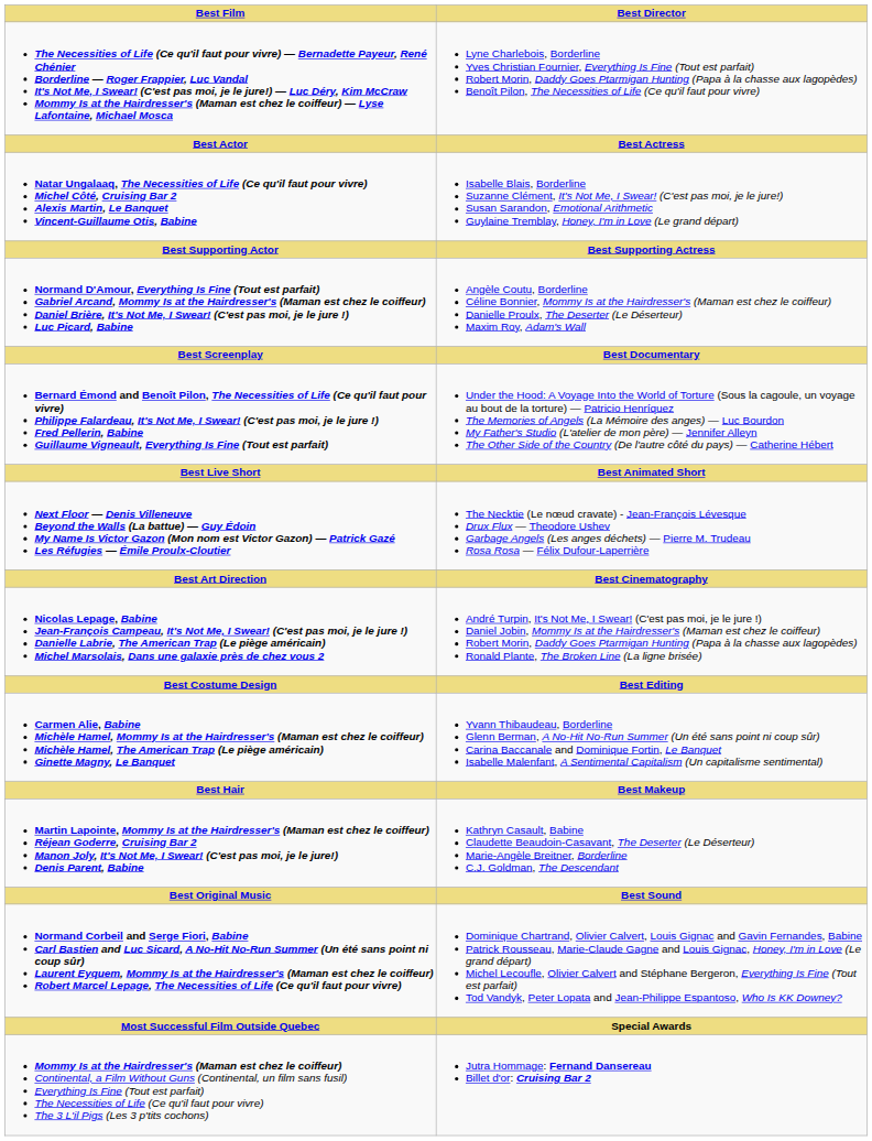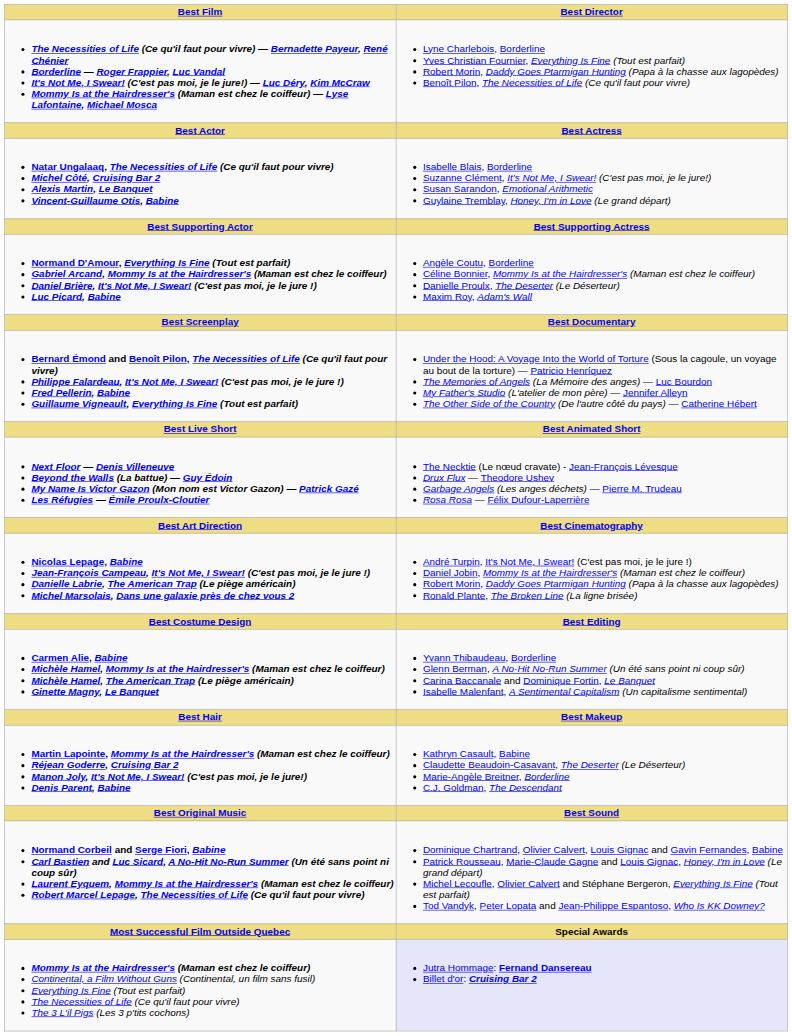 <table class=wikitable width="100%">
 <tr>
 <th style="background:#EEDD82; width:50%"><a href='#'>Best Film</a></th>
 <th style="background:#EEDD82; width:50%"><a href='#'>Best Director</a></th>
 </tr>
 <tr>
 <td valign="top"><br><ul><li> <strong><em><a href='#'>The Necessities of Life</a> (Ce qu'il faut pour vivre)<em> — <a href='#'>Bernadette Payeur</a>, <a href='#'>René Chénier</a><strong></li><li></em><a href='#'>Borderline</a><em> — <a href='#'>Roger Frappier</a>, <a href='#'>Luc Vandal</a></li><li></em><a href='#'>It's Not Me, I Swear!</a> (C'est pas moi, je le jure!)<em> — <a href='#'>Luc Déry</a>, <a href='#'>Kim McCraw</a></li><li></em><a href='#'>Mommy Is at the Hairdresser's</a> (Maman est chez le coiffeur)<em> — <a href='#'>Lyse Lafontaine</a>, <a href='#'>Michael Mosca</a></li></ul></td>
 <td valign="top"><br><ul><li> </strong><a href='#'>Lyne Charlebois</a>, </em><a href='#'>Borderline</a></em></strong></li><li><a href='#'>Yves Christian Fournier</a>, <em><a href='#'>Everything Is Fine</a> (Tout est parfait)</em></li><li><a href='#'>Robert Morin</a>, <em><a href='#'>Daddy Goes Ptarmigan Hunting</a> (Papa à la chasse aux lagopèdes)</em></li><li><a href='#'>Benoît Pilon</a>, <em><a href='#'>The Necessities of Life</a> (Ce qu'il faut pour vivre)</em></li></ul></td>
 </tr>
 <tr>
 <th style="background:#EEDD82; width:50%"><a href='#'>Best Actor</a></th>
 <th style="background:#EEDD82; width:50%"><a href='#'>Best Actress</a></th>
 </tr>
 <tr>
 <td valign="top"><br><ul><li> <strong><a href='#'>Natar Ungalaaq</a>, <em><a href='#'>The Necessities of Life</a> (Ce qu'il faut pour vivre)<strong><em></li><li><a href='#'>Michel Côté</a>, </em><a href='#'>Cruising Bar 2</a><em></li><li><a href='#'>Alexis Martin</a>, </em><a href='#'>Le Banquet</a><em></li><li><a href='#'>Vincent-Guillaume Otis</a>, </em><a href='#'>Babine</a><em></li></ul></td>
 <td valign="top"><br><ul><li> </strong><a href='#'>Isabelle Blais</a>, </em><a href='#'>Borderline</a></em></strong></li><li><a href='#'>Suzanne Clément</a>, <em><a href='#'>It's Not Me, I Swear!</a> (C'est pas moi, je le jure!)</em></li><li><a href='#'>Susan Sarandon</a>, <em><a href='#'>Emotional Arithmetic</a></em></li><li><a href='#'>Guylaine Tremblay</a>, <em><a href='#'>Honey, I'm in Love</a> (Le grand départ)</em></li></ul></td>
 </tr>
 <tr>
 <th style="background:#EEDD82; width:50%"><a href='#'>Best Supporting Actor</a></th>
 <th style="background:#EEDD82; width:50%"><a href='#'>Best Supporting Actress</a></th>
 </tr>
 <tr>
 <td valign="top"><br><ul><li> <strong><a href='#'>Normand D'Amour</a>, <em><a href='#'>Everything Is Fine</a> (Tout est parfait)<strong><em></li><li><a href='#'>Gabriel Arcand</a>, </em><a href='#'>Mommy Is at the Hairdresser's</a> (Maman est chez le coiffeur)<em></li><li><a href='#'>Daniel Brière</a>, </em><a href='#'>It's Not Me, I Swear!</a> (C'est pas moi, je le jure !)<em></li><li><a href='#'>Luc Picard</a>, </em><a href='#'>Babine</a><em></li></ul></td>
 <td valign="top"><br><ul><li> </strong><a href='#'>Angèle Coutu</a>, </em><a href='#'>Borderline</a></em></strong></li><li><a href='#'>Céline Bonnier</a>, <em><a href='#'>Mommy Is at the Hairdresser's</a> (Maman est chez le coiffeur)</em></li><li><a href='#'>Danielle Proulx</a>, <em><a href='#'>The Deserter</a> (Le Déserteur)</em></li><li><a href='#'>Maxim Roy</a>, <em><a href='#'>Adam's Wall</a></em></li></ul></td>
 </tr>
 <tr>
 <th style="background:#EEDD82; width:50%"><a href='#'>Best Screenplay</a></th>
 <th style="background:#EEDD82; width:50%"><a href='#'>Best Documentary</a></th>
 </tr>
 <tr>
 <td valign="top"><br><ul><li> <strong><a href='#'>Bernard Émond</a> and <a href='#'>Benoît Pilon</a>, <em><a href='#'>The Necessities of Life</a> (Ce qu'il faut pour vivre)<strong><em></li><li><a href='#'>Philippe Falardeau</a>, </em><a href='#'>It's Not Me, I Swear!</a> (C'est pas moi, je le jure !)<em></li><li><a href='#'>Fred Pellerin</a>, </em><a href='#'>Babine</a><em></li><li><a href='#'>Guillaume Vigneault</a>, </em><a href='#'>Everything Is Fine</a> (Tout est parfait)<em></li></ul></td>
 <td valign="top"><br><ul><li> </em></strong><a href='#'>Under the Hood: A Voyage Into the World of Torture</a> (Sous la cagoule, un voyage au bout de la torture)</em> — <a href='#'>Patricio Henríquez</a></strong></li><li><em><a href='#'>The Memories of Angels</a> (La Mémoire des anges)</em> — <a href='#'>Luc Bourdon</a></li><li><em><a href='#'>My Father's Studio</a> (L'atelier de mon père)</em> — <a href='#'>Jennifer Alleyn</a></li><li><em><a href='#'>The Other Side of the Country</a> (De l'autre côté du pays)</em> — <a href='#'>Catherine Hébert</a></li></ul></td>
 </tr>
 <tr>
 <th style="background:#EEDD82; width:50%"><a href='#'>Best Live Short</a></th>
 <th style="background:#EEDD82; width:50%"><a href='#'>Best Animated Short</a></th>
 </tr>
 <tr>
 <td valign="top"><br><ul><li> <strong><em><a href='#'>Next Floor</a><em> — <a href='#'>Denis Villeneuve</a><strong></li><li></em><a href='#'>Beyond the Walls</a> (La battue)<em> — <a href='#'>Guy Édoin</a></li><li></em><a href='#'>My Name Is Victor Gazon</a> (Mon nom est Victor Gazon)<em> — <a href='#'>Patrick Gazé</a></li><li></em><a href='#'>Les Réfugies</a><em> — <a href='#'>Émile Proulx-Cloutier</a></li></ul></td>
 <td valign="top"><br><ul><li> </em></strong><a href='#'>The Necktie</a> (Le nœud cravate)</em> - <a href='#'>Jean-François Lévesque</a></strong></li><li><em><a href='#'>Drux Flux</a></em> — <a href='#'>Theodore Ushev</a></li><li><em><a href='#'>Garbage Angels</a> (Les anges déchets)</em> — <a href='#'>Pierre M. Trudeau</a></li><li><em><a href='#'>Rosa Rosa</a></em> — <a href='#'>Félix Dufour-Laperrière</a></li></ul></td>
 </tr>
 <tr>
 <th style="background:#EEDD82; width:50%"><a href='#'>Best Art Direction</a></th>
 <th style="background:#EEDD82; width:50%"><a href='#'>Best Cinematography</a></th>
 </tr>
 <tr>
 <td valign="top"><br><ul><li> <strong><a href='#'>Nicolas Lepage</a>, <em><a href='#'>Babine</a><strong><em></li><li><a href='#'>Jean-François Campeau</a>, </em><a href='#'>It's Not Me, I Swear!</a> (C'est pas moi, je le jure !)<em></li><li><a href='#'>Danielle Labrie</a>, </em><a href='#'>The American Trap</a> (Le piège américain)<em></li><li><a href='#'>Michel Marsolais</a>, </em><a href='#'>Dans une galaxie près de chez vous 2</a><em></li></ul></td>
 <td valign="top"><br><ul><li> </strong><a href='#'>André Turpin</a>, </em><a href='#'>It's Not Me, I Swear!</a> (C'est pas moi, je le jure !)</em></strong></li><li><a href='#'>Daniel Jobin</a>, <em><a href='#'>Mommy Is at the Hairdresser's</a> (Maman est chez le coiffeur)</em></li><li><a href='#'>Robert Morin</a>, <em><a href='#'>Daddy Goes Ptarmigan Hunting</a> (Papa à la chasse aux lagopèdes)</em></li><li><a href='#'>Ronald Plante</a>, <em><a href='#'>The Broken Line</a> (La ligne brisée)</em></li></ul></td>
 </tr>
 <tr>
 <th style="background:#EEDD82; width:50%"><a href='#'>Best Costume Design</a></th>
 <th style="background:#EEDD82; width:50%"><a href='#'>Best Editing</a></th>
 </tr>
 <tr>
 <td valign="top"><br><ul><li> <strong><a href='#'>Carmen Alie</a>, <em><a href='#'>Babine</a><strong><em></li><li><a href='#'>Michèle Hamel</a>, </em><a href='#'>Mommy Is at the Hairdresser's</a> (Maman est chez le coiffeur)<em></li><li><a href='#'>Michèle Hamel</a>, </em><a href='#'>The American Trap</a> (Le piège américain)<em></li><li><a href='#'>Ginette Magny</a>, </em><a href='#'>Le Banquet</a><em></li></ul></td>
 <td valign="top"><br><ul><li> </strong><a href='#'>Yvann Thibaudeau</a>, </em><a href='#'>Borderline</a></em></strong></li><li><a href='#'>Glenn Berman</a>, <em><a href='#'>A No-Hit No-Run Summer</a> (Un été sans point ni coup sûr)</em></li><li><a href='#'>Carina Baccanale</a> and <a href='#'>Dominique Fortin</a>, <em><a href='#'>Le Banquet</a></em></li><li><a href='#'>Isabelle Malenfant</a>, <em><a href='#'>A Sentimental Capitalism</a> (Un capitalisme sentimental)</em></li></ul></td>
 </tr>
 <tr>
 <th style="background:#EEDD82; width:50%"><a href='#'>Best Hair</a></th>
 <th style="background:#EEDD82; width:50%"><a href='#'>Best Makeup</a></th>
 </tr>
 <tr>
 <td valign="top"><br><ul><li> <strong><a href='#'>Martin Lapointe</a>, <em><a href='#'>Mommy Is at the Hairdresser's</a> (Maman est chez le coiffeur)<strong><em></li><li><a href='#'>Réjean Goderre</a>, </em><a href='#'>Cruising Bar 2</a><em></li><li><a href='#'>Manon Joly</a>, </em><a href='#'>It's Not Me, I Swear!</a> (C'est pas moi, je le jure!)<em></li><li><a href='#'>Denis Parent</a>, </em><a href='#'>Babine</a><em></li></ul></td>
 <td valign="top"><br><ul><li> </strong><a href='#'>Kathryn Casault</a>, </em><a href='#'>Babine</a></em></strong></li><li><a href='#'>Claudette Beaudoin-Casavant</a>, <em><a href='#'>The Deserter</a> (Le Déserteur)</em></li><li><a href='#'>Marie-Angèle Breitner</a>, <em><a href='#'>Borderline</a></em></li><li><a href='#'>C.J. Goldman</a>, <em><a href='#'>The Descendant</a></em></li></ul></td>
 </tr>
 <tr>
 <th style="background:#EEDD82; width:50%"><a href='#'>Best Original Music</a></th>
 <th style="background:#EEDD82; width:50%"><a href='#'>Best Sound</a></th>
 </tr>
 <tr>
 <td valign="top"><br><ul><li> <strong><a href='#'>Normand Corbeil</a> and <a href='#'>Serge Fiori</a>, <em><a href='#'>Babine</a><strong><em></li><li><a href='#'>Carl Bastien</a> and <a href='#'>Luc Sicard</a>, </em><a href='#'>A No-Hit No-Run Summer</a> (Un été sans point ni coup sûr)<em></li><li><a href='#'>Laurent Eyquem</a>, </em><a href='#'>Mommy Is at the Hairdresser's</a> (Maman est chez le coiffeur)<em></li><li><a href='#'>Robert Marcel Lepage</a>, </em><a href='#'>The Necessities of Life</a> (Ce qu'il faut pour vivre)<em></li></ul></td>
 <td valign="top"><br><ul><li> </strong><a href='#'>Dominique Chartrand</a>, <a href='#'>Olivier Calvert</a>, <a href='#'>Louis Gignac</a> and <a href='#'>Gavin Fernandes</a>, </em><a href='#'>Babine</a></em></strong></li><li><a href='#'>Patrick Rousseau</a>, <a href='#'>Marie-Claude Gagne</a> and <a href='#'>Louis Gignac</a>, <em><a href='#'>Honey, I'm in Love</a> (Le grand départ)</em></li><li><a href='#'>Michel Lecoufle</a>, <a href='#'>Olivier Calvert</a> and Stéphane Bergeron, <em><a href='#'>Everything Is Fine</a> (Tout est parfait)</em></li><li><a href='#'>Tod Vandyk</a>, <a href='#'>Peter Lopata</a> and <a href='#'>Jean-Philippe Espantoso</a>, <em><a href='#'>Who Is KK Downey?</a></em></li></ul></td>
 </tr>
 <tr>
 <th style="background:#EEDD82; width:50%"><a href='#'>Most Successful Film Outside Quebec</a></th>
 <th style="background:#EEDD82; width:50%">Special Awards</th>
 </tr>
 <tr>
 <td valign="top"><br><ul><li><strong><em><a href='#'>Mommy Is at the Hairdresser's</a> (Maman est chez le coiffeur)</em></strong></li><li><em><a href='#'>Continental, a Film Without Guns</a> (Continental, un film sans fusil)</em></li><li><em><a href='#'>Everything Is Fine</a> (Tout est parfait)</em></li><li><em><a href='#'>The Necessities of Life</a> (Ce qu'il faut pour vivre)</em></li><li><em><a href='#'>The 3 L'il Pigs</a> (Les 3 p'tits cochons)</em></li></ul></td>
-<td valign="top"><br><ul><li><a href='#'>Jutra Hommage</a>: <strong><a href='#'>Fernand Dansereau</a></strong></li><li><a href='#'>Billet d'or</a>: <strong><em><a href='#'>Cruising Bar 2</a></em></strong></li></ul></td>
+<td valign="top" style="background: lavender;"><br><ul><li><a href='#'>Jutra Hommage</a>: <strong><a href='#'>Fernand Dansereau</a></strong></li><li><a href='#'>Billet d'or</a>: <strong><em><a href='#'>Cruising Bar 2</a></em></strong></li></ul></td>
 </tr>
 </table>
